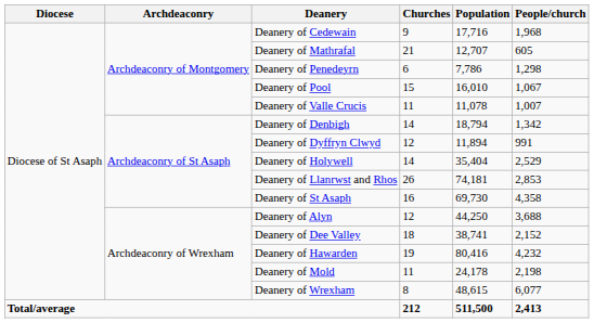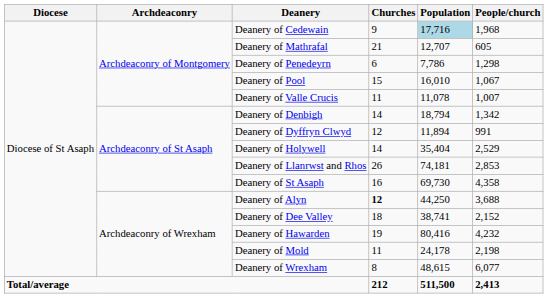 <table class="wikitable">
 <tr>
 <th>Diocese</th>
 <th>Archdeaconry</th>
 <th>Deanery</th>
 <th>Churches</th>
 <th>Population</th>
 <th>People/church</th>
 </tr>
 <tr>
 <td rowspan="15">Diocese of St Asaph</td>
 <td rowspan="5"><a href='#'>Archdeaconry of Montgomery</a></td>
 <td>Deanery of <a href='#'>Cedewain</a></td>
 <td>9</td>
-<td>17,716</td>
+<td style="background: lightblue;">17,716</td>
 <td>1,968</td>
 </tr>
 <tr>
 <td>Deanery of <a href='#'>Mathrafal</a></td>
 <td>21</td>
 <td>12,707</td>
 <td>605</td>
 </tr>
 <tr>
 <td>Deanery of <a href='#'>Penedeyrn</a></td>
 <td>6</td>
 <td>7,786</td>
 <td>1,298</td>
 </tr>
 <tr>
 <td>Deanery of <a href='#'>Pool</a></td>
 <td>15</td>
 <td>16,010</td>
 <td>1,067</td>
 </tr>
 <tr>
 <td>Deanery of <a href='#'>Valle Crucis</a></td>
 <td>11</td>
 <td>11,078</td>
 <td>1,007</td>
 </tr>
 <tr>
 <td rowspan="5"><a href='#'>Archdeaconry of St Asaph</a></td>
 <td>Deanery of <a href='#'>Denbigh</a></td>
 <td>14</td>
 <td>18,794</td>
 <td>1,342</td>
 </tr>
 <tr>
 <td>Deanery of <a href='#'>Dyffryn Clwyd</a></td>
 <td>12</td>
 <td>11,894</td>
 <td>991</td>
 </tr>
 <tr>
 <td>Deanery of <a href='#'>Holywell</a></td>
 <td>14</td>
 <td>35,404</td>
 <td>2,529</td>
 </tr>
 <tr>
 <td>Deanery of <a href='#'>Llanrwst</a> and <a href='#'>Rhos</a></td>
 <td>26</td>
 <td>74,181</td>
 <td>2,853</td>
 </tr>
 <tr>
 <td>Deanery of <a href='#'>St Asaph</a></td>
 <td>16</td>
 <td>69,730</td>
 <td>4,358</td>
 </tr>
 <tr>
 <td rowspan="5">Archdeaconry of Wrexham</td>
 <td>Deanery of <a href='#'>Alyn</a></td>
-<td>12</td>
+<td><strong>12</strong></td>
 <td>44,250</td>
 <td>3,688</td>
 </tr>
 <tr>
 <td>Deanery of <a href='#'>Dee Valley</a></td>
 <td>18</td>
 <td>38,741</td>
 <td>2,152</td>
 </tr>
 <tr>
 <td>Deanery of <a href='#'>Hawarden</a></td>
 <td>19</td>
 <td>80,416</td>
 <td>4,232</td>
 </tr>
 <tr>
 <td>Deanery of <a href='#'>Mold</a></td>
 <td>11</td>
 <td>24,178</td>
 <td>2,198</td>
 </tr>
 <tr>
 <td>Deanery of <a href='#'>Wrexham</a></td>
 <td>8</td>
 <td>48,615</td>
 <td>6,077</td>
 </tr>
 <tr>
 <td colspan="3"><strong>Total/average</strong></td>
 <td><strong>212</strong></td>
 <td><strong>511,500</strong></td>
 <td><strong>2,413</strong></td>
 </tr>
 </table>
